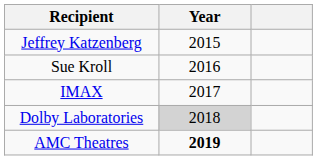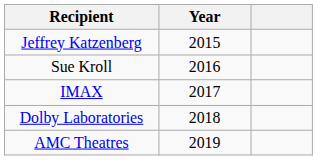 <table class="wikitable" style="width:50%;text-align:center;">
 <tr>
 <th width=50%>Recipient</th>
 <th style="width:30%;">Year</th>
 <th width=20%></th>
 </tr>
 <tr>
 <td><a href='#'>Jeffrey Katzenberg</a></td>
 <td>2015</td>
 <td></td>
 </tr>
 <tr>
 <td>Sue Kroll</td>
 <td>2016</td>
 <td></td>
 </tr>
 <tr>
 <td><a href='#'>IMAX</a></td>
 <td>2017</td>
 <td></td>
 </tr>
 <tr>
 <td><a href='#'>Dolby Laboratories</a></td>
-<td style="background: lightgrey;">2018</td>
+<td>2018</td>
 <td></td>
 </tr>
 <tr>
 <td><a href='#'>AMC Theatres</a></td>
-<td><strong>2019</strong></td>
+<td>2019</td>
 </tr>
 </table>
